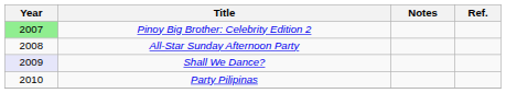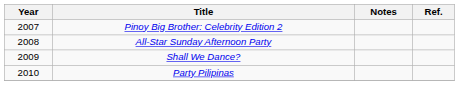 <table class="wikitable" style="text-align:center" width=85%>
 <tr>
 <th>Year</th>
 <th>Title</th>
 <th>Notes</th>
 <th>Ref.</th>
 </tr>
 <tr>
-<td style="background: lightgreen;">2007</td>
+<td>2007</td>
 <td><em><a href='#'>Pinoy Big Brother: Celebrity Edition 2</a></em></td>
 <td></td>
 <td></td>
 </tr>
 <tr>
 <td>2008</td>
 <td><em><a href='#'>All-Star Sunday Afternoon Party</a></em></td>
 <td></td>
 <td></td>
 </tr>
 <tr>
-<td style="background: lavender;">2009</td>
+<td>2009</td>
 <td><em><a href='#'>Shall We Dance?</a></em></td>
 <td></td>
 <td></td>
 </tr>
 <tr>
 <td>2010</td>
 <td><em><a href='#'>Party Pilipinas</a></em></td>
 <td></td>
 <td></td>
 </tr>
 <tr>
 </tr>
 </table>
